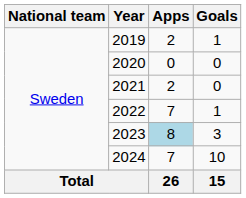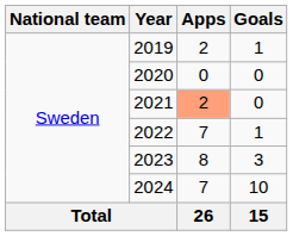 <table class="wikitable" style="text-align:center">
 <tr>
 <th>National team</th>
 <th>Year</th>
 <th>Apps</th>
 <th>Goals</th>
 </tr>
 <tr>
 <td rowspan="6"><a href='#'>Sweden</a></td>
 <td>2019</td>
 <td>2</td>
 <td>1</td>
 </tr>
 <tr>
 <td>2020</td>
 <td>0</td>
 <td>0</td>
 </tr>
 <tr>
 <td>2021</td>
-<td>2</td>
+<td style="background: lightsalmon;">2</td>
 <td>0</td>
 </tr>
 <tr>
 <td>2022</td>
 <td>7</td>
 <td>1</td>
 </tr>
 <tr>
 <td>2023</td>
-<td style="background: lightblue;">8</td>
+<td>8</td>
 <td>3</td>
 </tr>
 <tr>
 <td>2024</td>
 <td>7</td>
 <td>10</td>
 </tr>
 <tr>
 <th colspan="2">Total</th>
 <th>26</th>
 <th>15</th>
 </tr>
 </table>
